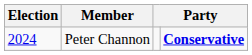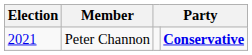 <table class="wikitable">
 <tr>
 <th>Election</th>
 <th>Member</th>
 <th colspan="2">Party</th>
 </tr>
 <tr>
-<td><a href='#'>2024</a></td>
+<td><a href='#'>2021</a></td>
 <td>Peter Channon</td>
 <td style="background-color: "></td>
 <td><strong><a href='#'>Conservative</a></strong></td>
 </tr>
 </table>
